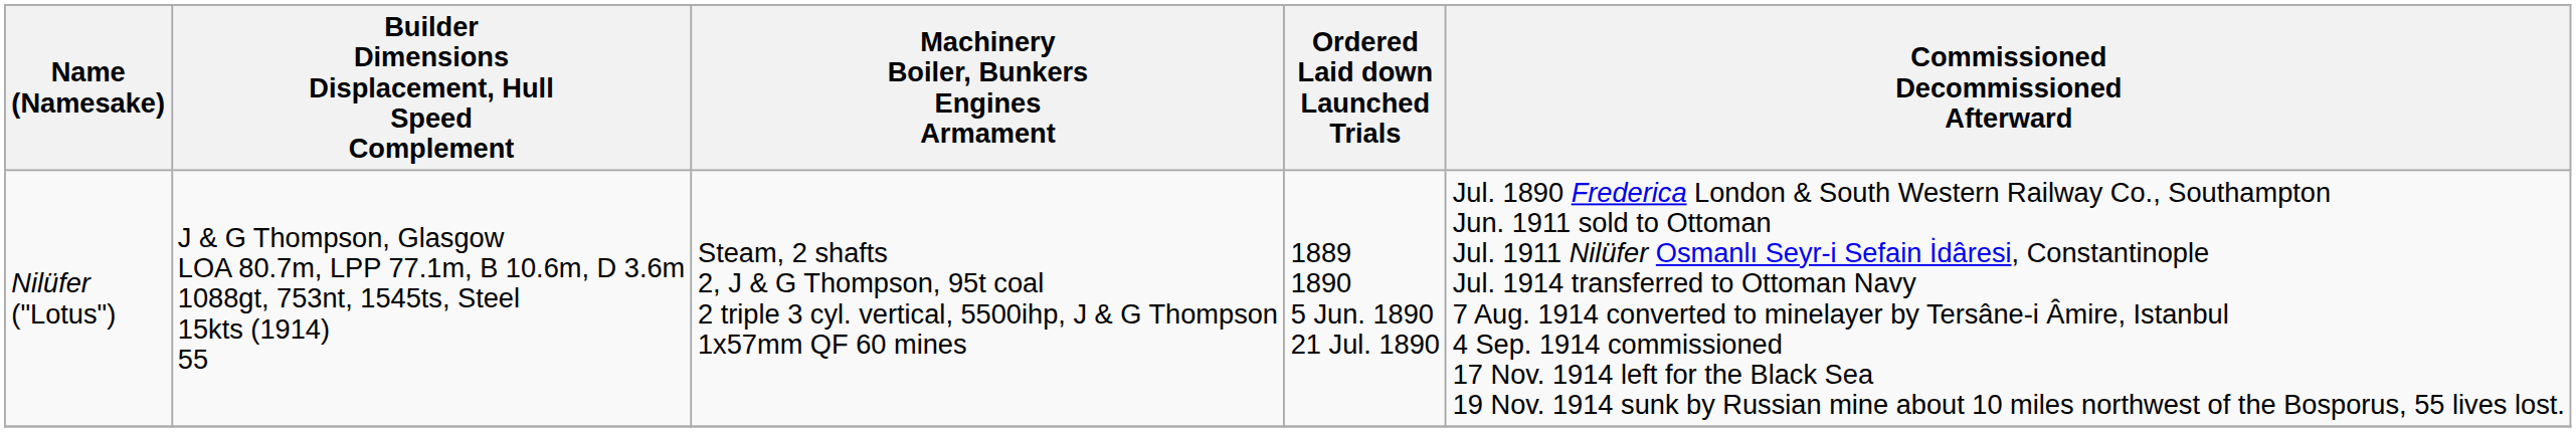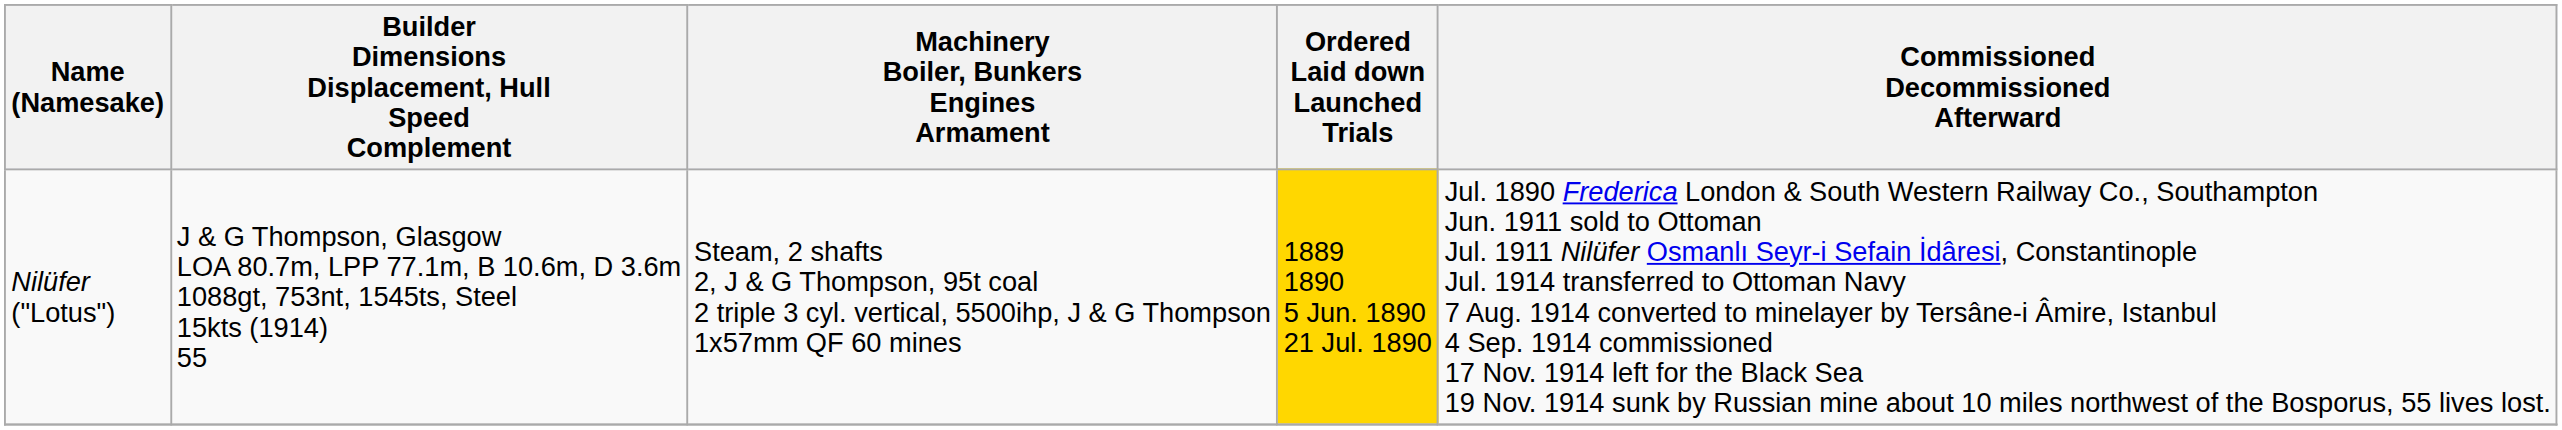 <table class="wikitable" style="font-size:90%;">
 <tr bgcolor="#e6e9ff">
 <th>Name<br>(Namesake)</th>
 <th>Builder<br>Dimensions<br>Displacement, Hull<br>Speed<br>Complement</th>
 <th>Machinery<br>Boiler, Bunkers<br>Engines<br>Armament</th>
 <th>Ordered<br>Laid down<br>Launched<br>Trials</th>
 <th>Commissioned<br>Decommissioned<br>Afterward</th>
 </tr>
 <tr ---->
 <td><em>Nilüfer</em><br>("Lotus")</td>
 <td> J & G Thompson, Glasgow<br>LOA 80.7m, LPP 77.1m, B 10.6m, D 3.6m<br>1088gt, 753nt, 1545ts, Steel<br>15kts (1914)<br>55</td>
 <td>Steam, 2 shafts<br>2, J & G Thompson, 95t coal<br>2 triple 3 cyl. vertical, 5500ihp, J & G Thompson<br>1x57mm QF 60 mines</td>
-<td>1889<br>1890<br>5 Jun. 1890<br>21 Jul. 1890</td>
+<td style="background: gold;">1889<br>1890<br>5 Jun. 1890<br>21 Jul. 1890</td>
 <td>Jul. 1890 <em><a href='#'>Frederica</a></em> London & South Western Railway Co., Southampton<br>Jun. 1911 sold to Ottoman<br>Jul. 1911 <em>Nilüfer</em> <a href='#'>Osmanlı Seyr-i Sefain İdâresi</a>, Constantinople<br>Jul. 1914 transferred to Ottoman Navy<br>7 Aug. 1914 converted to minelayer by Tersâne-i Âmire, Istanbul<br>4 Sep. 1914 commissioned<br>17 Nov. 1914 left for the Black Sea<br>19 Nov. 1914 sunk by Russian mine about 10 miles northwest of the Bosporus, 55 lives lost.</td>
 </tr>
 <tr ---->
 </tr>
 </table>
